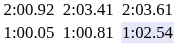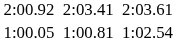 <table>
 <tr>
 <td></td>
 <td></td>
 <td>2:00.92</td>
 <td></td>
 <td>2:03.41</td>
 <td></td>
 <td>2:03.61</td>
 </tr>
 <tr>
 <td></td>
 <td></td>
 <td>1:00.05</td>
 <td></td>
 <td>1:00.81</td>
 <td></td>
-<td style="background: lavender;">1:02.54</td>
+<td>1:02.54</td>
 </tr>
 </table>
